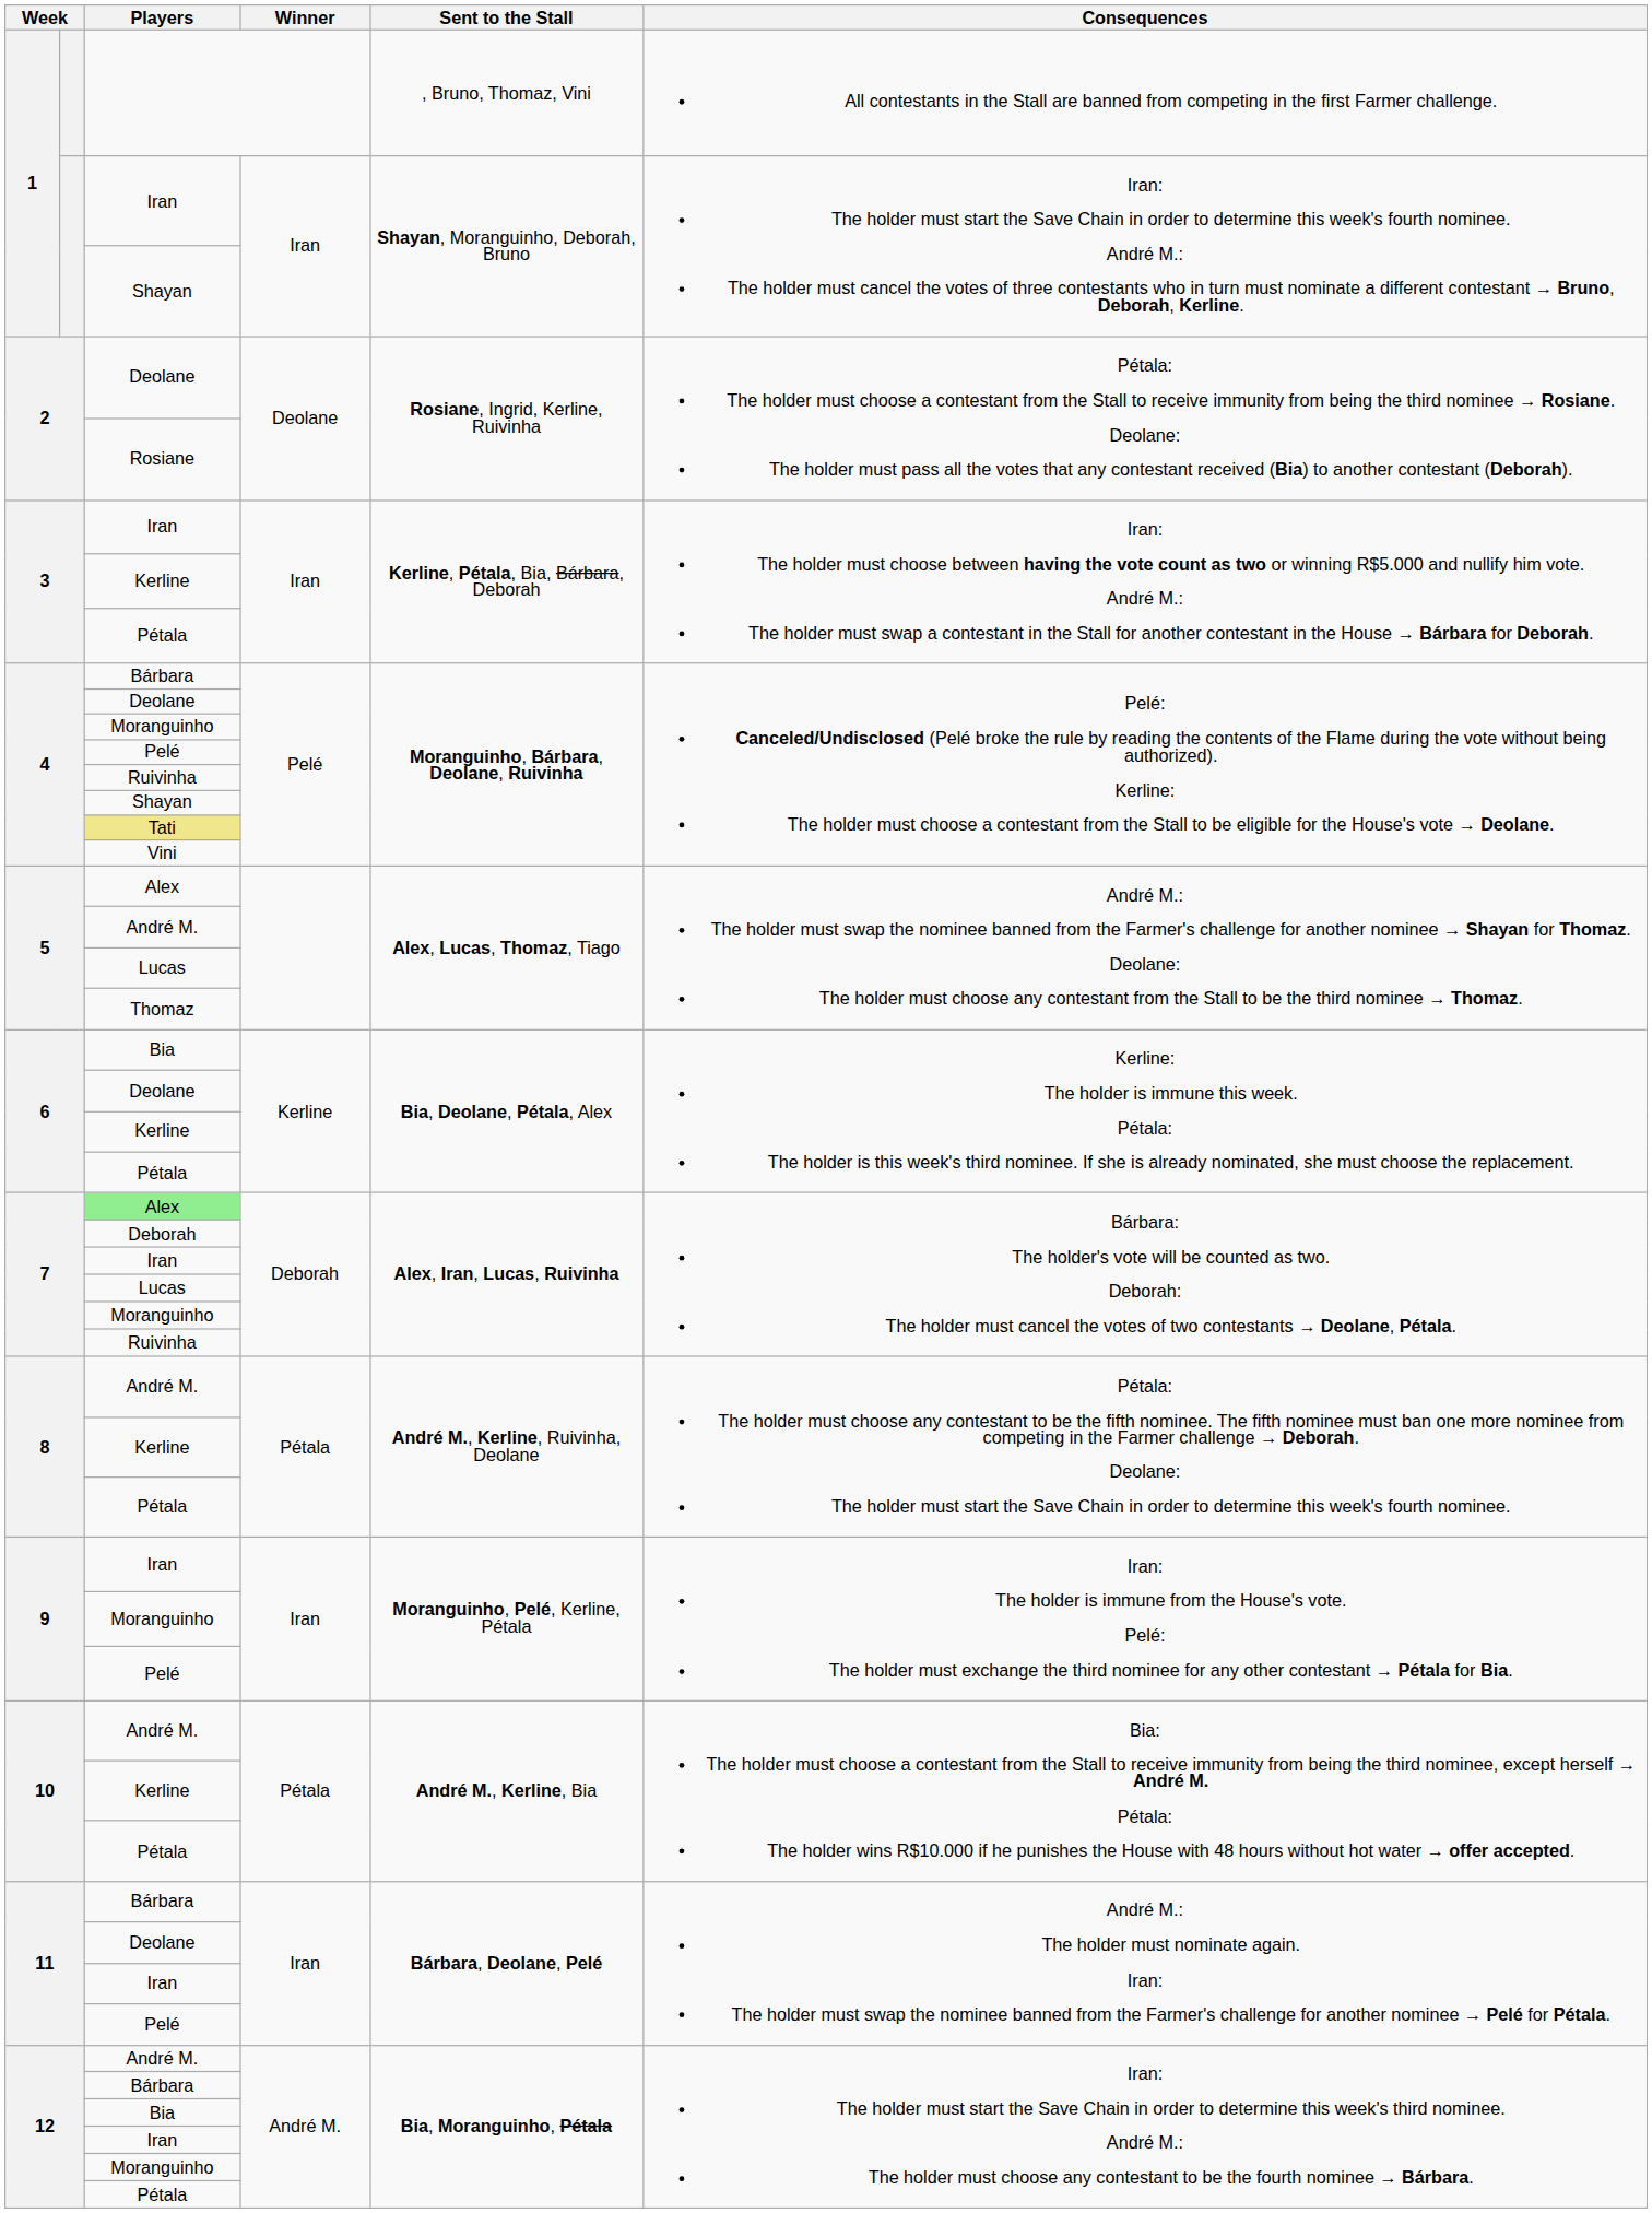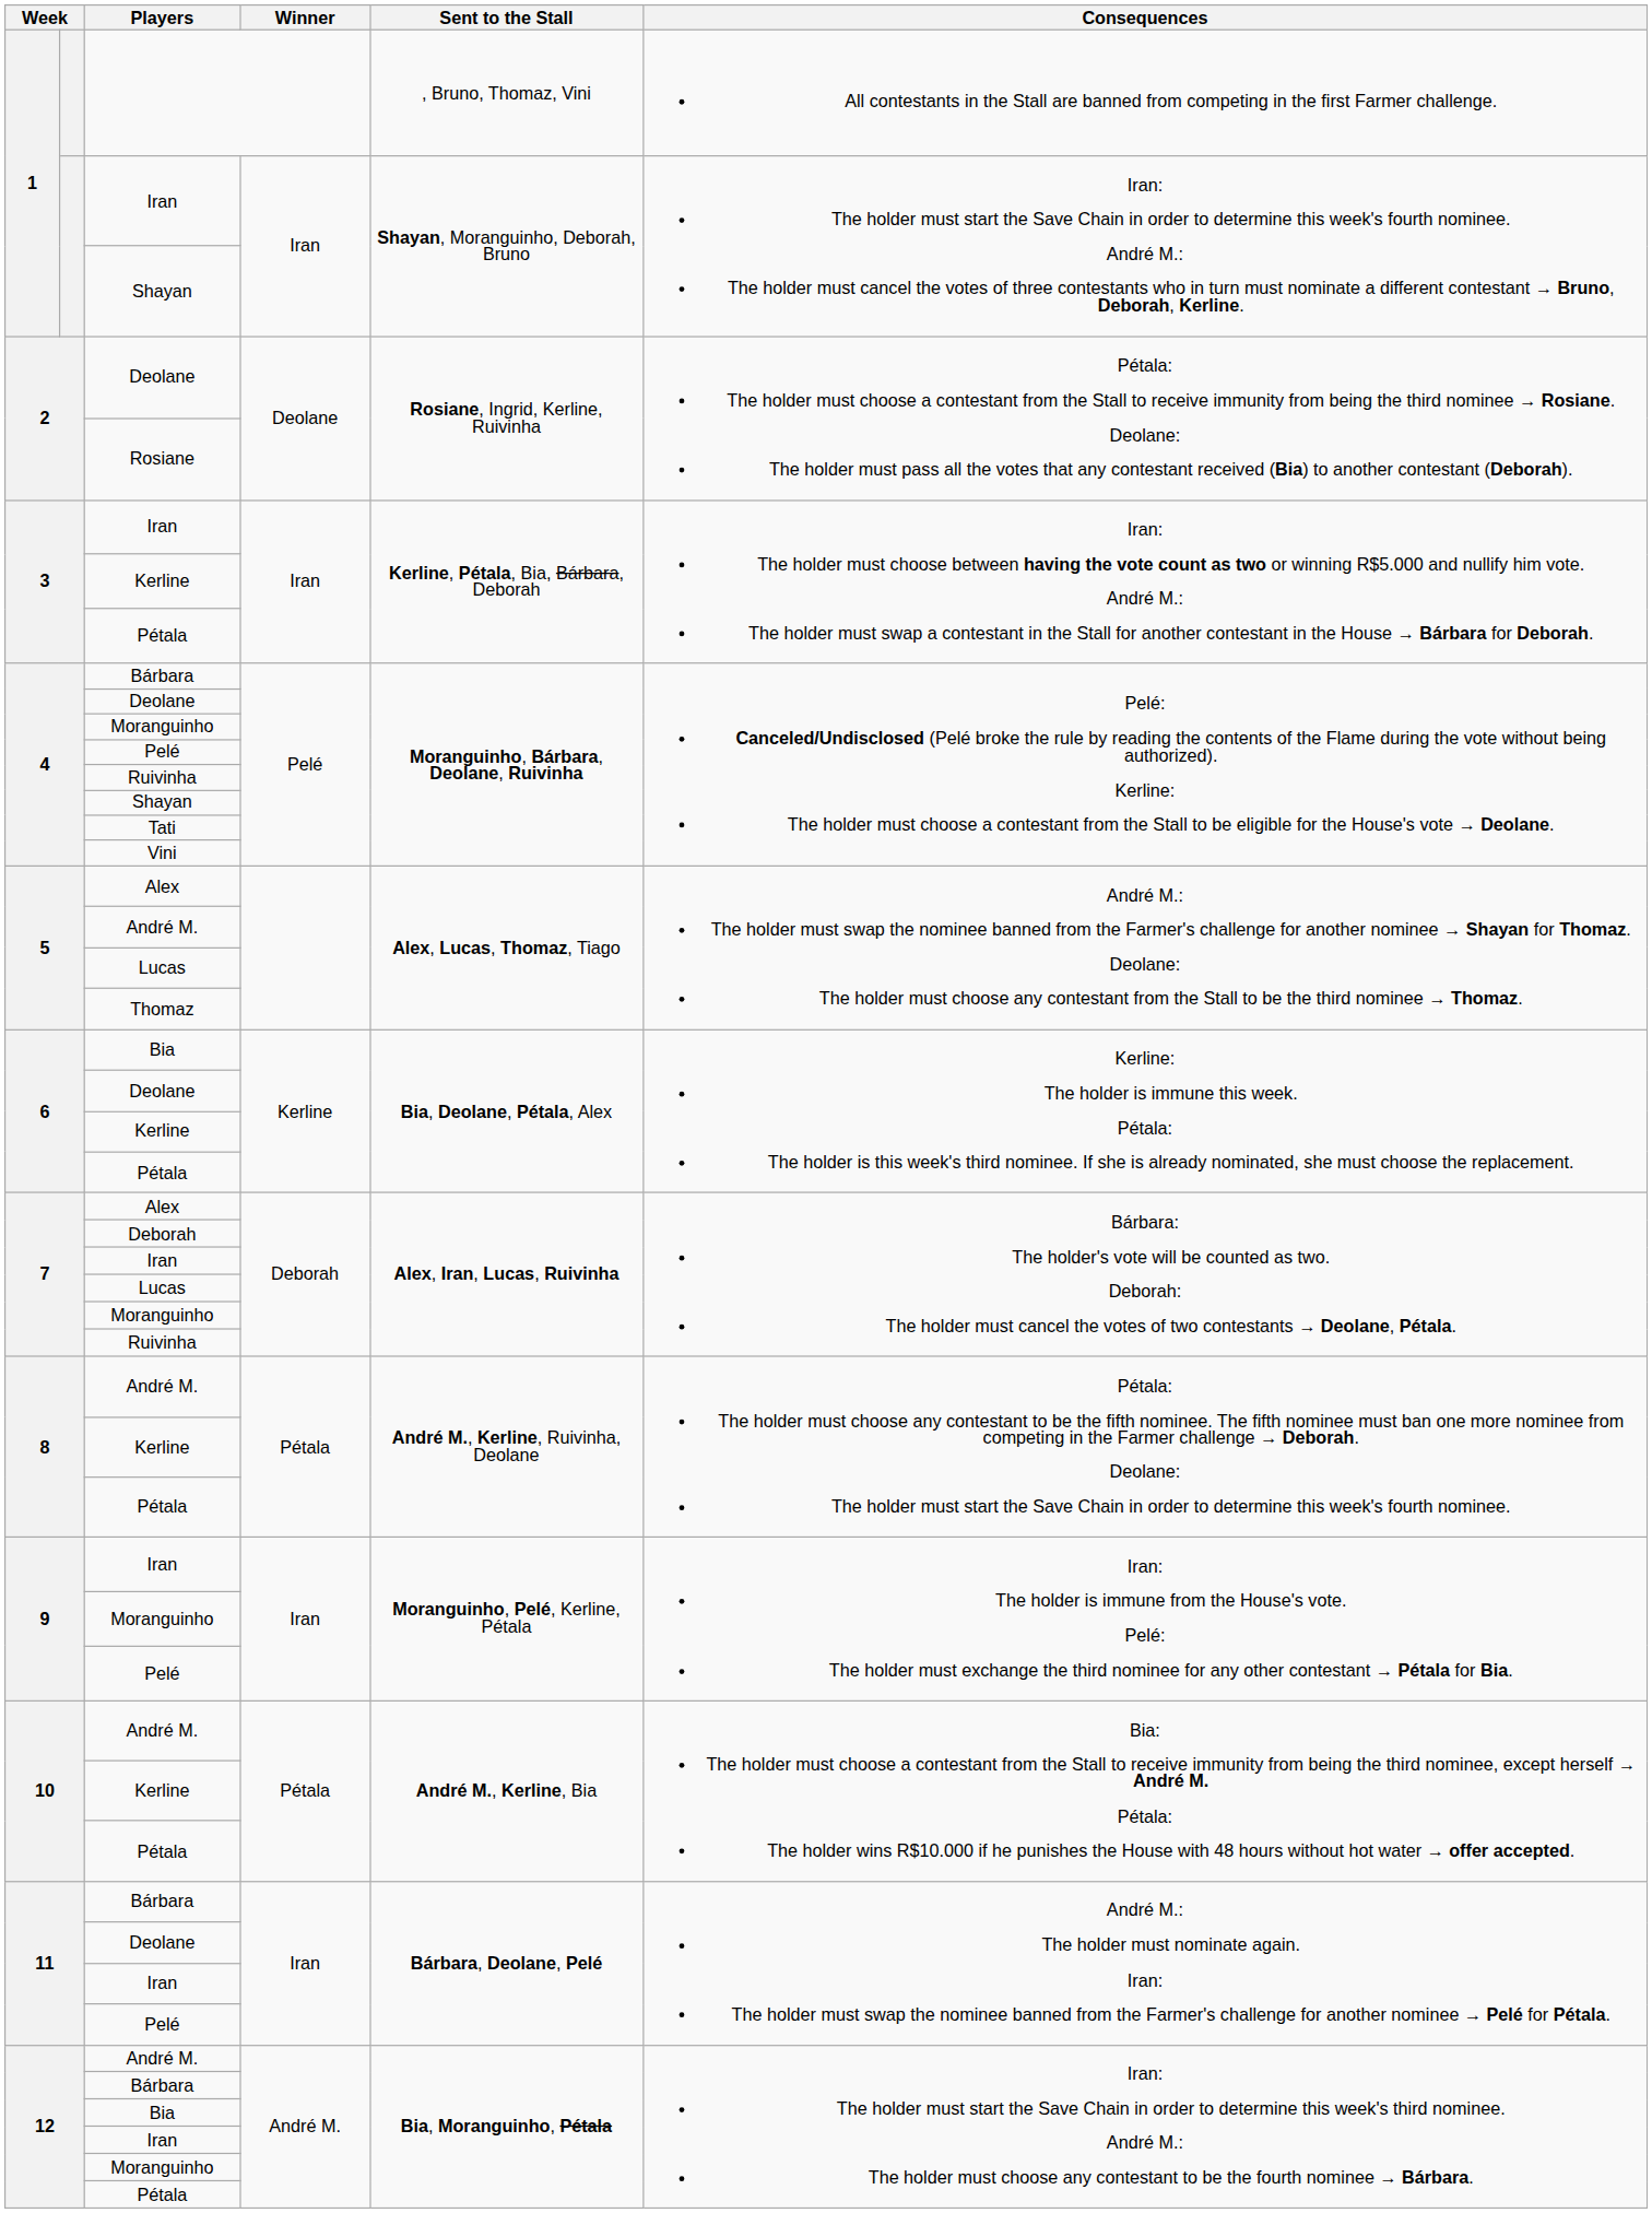 <table class="wikitable" style="text-align:center; font-size:85%; width:100%; line-height:13px;">
 <tr>
 <th width="03.00%" colspan=2>Week</th>
 <th width="05.25%">Players</th>
 <th width="05.25%">Winner</th>
 <th width="11.00%">Sent to the Stall</th>
 <th width="40.50%">Consequences</th>
 </tr>
 <tr>
 <th rowspan=3>1</th>
 <th></th>
 <td colspan=2 style="height:90px"></td>
 <td style="height:90px">, Bruno, Thomaz, Vini<br></td>
 <td><br><ul><li> All contestants in the Stall are banned from competing in the first Farmer challenge.</li></ul></td>
 </tr>
 <tr>
 <th rowspan=2></th>
 <td>Iran</td>
 <td rowspan=2>Iran</td>
 <td rowspan=2 style="height:90px"><strong>Shayan</strong>, Moranguinho, Deborah, Bruno</td>
 <td rowspan=2><br>Iran:<ul><li> The holder must start the Save Chain in order to determine this week's fourth nominee.</li></ul>André M.:<ul><li> The holder must cancel the votes of three contestants who in turn must nominate a different contestant → <strong>Bruno</strong>, <strong>Deborah</strong>, <strong>Kerline</strong>.</li></ul></td>
 </tr>
 <tr>
 <td>Shayan</td>
 </tr>
 <tr>
 <th rowspan=2 colspan=2>2</th>
 <td>Deolane</td>
 <td rowspan=2>Deolane</td>
 <td rowspan=2><strong>Rosiane</strong>, Ingrid, Kerline, Ruivinha</td>
 <td rowspan=2><br>Pétala:<ul><li> The holder must choose a contestant from the Stall to receive immunity from being the third nominee → <strong>Rosiane</strong>.</li></ul>Deolane:<ul><li> The holder must pass all the votes that any contestant received (<strong>Bia</strong>) to another contestant (<strong>Deborah</strong>).</li></ul></td>
 </tr>
 <tr>
 <td>Rosiane</td>
 </tr>
 <tr>
 <th rowspan=3 colspan=2>3</th>
 <td>Iran</td>
 <td rowspan=3>Iran</td>
 <td rowspan=3><strong>Kerline</strong>, <strong>Pétala</strong>, Bia, <s>Bárbara</s>, Deborah</td>
 <td rowspan=3><br>Iran:<ul><li> The holder must choose between <strong>having the vote count as two</strong> or winning R$5.000 and nullify him vote.</li></ul>André M.:<ul><li> The holder must swap a contestant in the Stall for another contestant in the House → <strong>Bárbara</strong> for <strong>Deborah</strong>.</li></ul></td>
 </tr>
 <tr>
 <td>Kerline</td>
 </tr>
 <tr>
 <td>Pétala</td>
 </tr>
 <tr>
 <th rowspan=8 colspan=2>4</th>
 <td>Bárbara</td>
 <td rowspan=8>Pelé</td>
 <td rowspan=8><strong>Moranguinho</strong>, <strong>Bárbara</strong>, <strong>Deolane</strong>, <strong>Ruivinha</strong></td>
 <td rowspan=8><br>Pelé:<ul><li> <strong>Canceled/Undisclosed</strong> (Pelé broke the rule by reading the contents of the Flame during the vote without being authorized).</li></ul>Kerline:<ul><li> The holder must choose a contestant from the Stall to be eligible for the House's vote → <strong>Deolane</strong>.</li></ul></td>
 </tr>
 <tr>
 <td>Deolane</td>
 </tr>
 <tr>
 <td>Moranguinho</td>
 </tr>
 <tr>
 <td>Pelé</td>
 </tr>
 <tr>
 <td>Ruivinha</td>
 </tr>
 <tr>
 <td>Shayan</td>
 </tr>
 <tr>
-<td style="background: khaki;">Tati</td>
+<td>Tati</td>
 </tr>
 <tr>
 <td>Vini</td>
 </tr>
 <tr>
 <th rowspan=4 colspan=2>5</th>
 <td>Alex</td>
 <td rowspan=4></td>
 <td rowspan=4><strong>Alex</strong>, <strong>Lucas</strong>, <strong>Thomaz</strong>, Tiago</td>
 <td rowspan=4><br>André M.:<ul><li> The holder must swap the nominee banned from the Farmer's challenge for another nominee → <strong>Shayan</strong> for <strong>Thomaz</strong>.</li></ul>Deolane:<ul><li> The holder must choose any contestant from the Stall to be the third nominee → <strong>Thomaz</strong>.</li></ul></td>
 </tr>
 <tr>
 <td>André M.</td>
 </tr>
 <tr>
 <td>Lucas</td>
 </tr>
 <tr>
 <td>Thomaz</td>
 </tr>
 <tr>
 <th rowspan=4 colspan=2>6</th>
 <td>Bia</td>
 <td rowspan=4>Kerline</td>
 <td rowspan=4><strong>Bia</strong>, <strong>Deolane</strong>, <strong>Pétala</strong>, Alex</td>
 <td rowspan=4><br>Kerline:<ul><li> The holder is immune this week.</li></ul>Pétala:<ul><li> The holder is this week's third nominee. If she is already nominated, she must choose the replacement.</li></ul></td>
 </tr>
 <tr>
 <td>Deolane</td>
 </tr>
 <tr>
 <td>Kerline</td>
 </tr>
 <tr>
 <td>Pétala</td>
 </tr>
 <tr>
 <th rowspan=6 colspan=2>7</th>
-<td style="background: lightgreen;">Alex</td>
+<td>Alex</td>
 <td rowspan=6>Deborah</td>
 <td rowspan=6><strong>Alex</strong>, <strong>Iran</strong>, <strong>Lucas</strong>, <strong>Ruivinha</strong></td>
 <td rowspan=6><br>Bárbara:<ul><li> The holder's vote will be counted as two.</li></ul>Deborah:<ul><li> The holder must cancel the votes of two contestants → <strong>Deolane</strong>, <strong>Pétala</strong>.</li></ul></td>
 </tr>
 <tr>
 <td>Deborah</td>
 </tr>
 <tr>
 <td>Iran</td>
 </tr>
 <tr>
 <td>Lucas</td>
 </tr>
 <tr>
 <td>Moranguinho</td>
 </tr>
 <tr>
 <td>Ruivinha</td>
 </tr>
 <tr>
 <th rowspan=3 colspan=2>8</th>
 <td>André M.</td>
 <td rowspan=3>Pétala</td>
 <td rowspan=3><strong>André M.</strong>, <strong>Kerline</strong>, Ruivinha, Deolane</td>
 <td rowspan=3><br>Pétala:<ul><li> The holder must choose any contestant to be the fifth nominee. The fifth nominee must ban one more nominee from competing in the Farmer challenge → <strong>Deborah</strong>.</li></ul>Deolane:<ul><li> The holder must start the Save Chain in order to determine this week's fourth nominee.</li></ul></td>
 </tr>
 <tr>
 <td>Kerline</td>
 </tr>
 <tr>
 <td>Pétala</td>
 </tr>
 <tr>
 <th rowspan=3 colspan=2>9</th>
 <td>Iran</td>
 <td rowspan=3>Iran</td>
 <td rowspan=3><strong>Moranguinho</strong>, <strong>Pelé</strong>, Kerline, Pétala</td>
 <td rowspan=3><br>Iran:<ul><li> The holder is immune from the House's vote.</li></ul>Pelé:<ul><li> The holder must exchange the third nominee for any other contestant → <strong>Pétala</strong> for <strong>Bia</strong>.</li></ul></td>
 </tr>
 <tr>
 <td>Moranguinho</td>
 </tr>
 <tr>
 <td>Pelé</td>
 </tr>
 <tr>
 <th rowspan=3 colspan=2>10</th>
 <td>André M.</td>
 <td rowspan=3>Pétala</td>
 <td rowspan=3><strong>André M.</strong>, <strong>Kerline</strong>, Bia</td>
 <td rowspan=3><br>Bia:<ul><li> The holder must choose a contestant from the Stall to receive immunity from being the third nominee, except herself → <strong>André M.</strong></li></ul>Pétala:<ul><li> The holder wins R$10.000 if he punishes the House with 48 hours without hot water → <strong>offer accepted</strong>.</li></ul></td>
 </tr>
 <tr>
 <td>Kerline</td>
 </tr>
 <tr>
 <td>Pétala</td>
 </tr>
 <tr>
 <th rowspan=4 colspan=2>11</th>
 <td>Bárbara</td>
 <td rowspan=4>Iran</td>
 <td rowspan=4><strong>Bárbara</strong>, <strong>Deolane</strong>, <strong>Pelé</strong></td>
 <td rowspan=4><br>André M.:<ul><li> The holder must nominate again.</li></ul>Iran:<ul><li> The holder must swap the nominee banned from the Farmer's challenge for another nominee → <strong>Pelé</strong> for <strong>Pétala</strong>.</li></ul></td>
 </tr>
 <tr>
 <td>Deolane</td>
 </tr>
 <tr>
 <td>Iran</td>
 </tr>
 <tr>
 <td>Pelé</td>
 </tr>
 <tr>
 <th rowspan=6 colspan=2>12</th>
 <td>André M.</td>
 <td rowspan=6>André M.</td>
 <td rowspan=6><strong>Bia</strong>, <strong>Moranguinho</strong>, <s><strong>Pétala</strong></s></td>
 <td rowspan=6><br>Iran:<ul><li> The holder must start the Save Chain in order to determine this week's third nominee.</li></ul>André M.:<ul><li> The holder must choose any contestant to be the fourth nominee → <strong>Bárbara</strong>.</li></ul></td>
 </tr>
 <tr>
 <td>Bárbara</td>
 </tr>
 <tr>
 <td>Bia</td>
 </tr>
 <tr>
 <td>Iran</td>
 </tr>
 <tr>
 <td>Moranguinho</td>
 </tr>
 <tr>
 <td>Pétala</td>
 </tr>
 </table>
